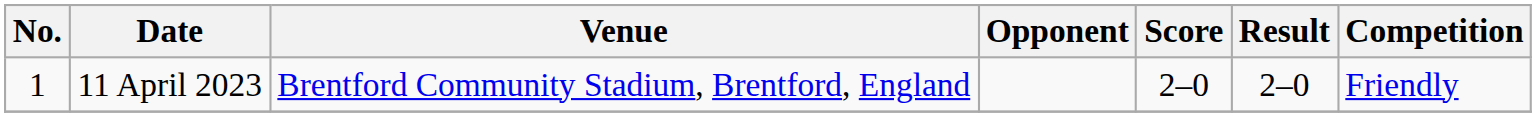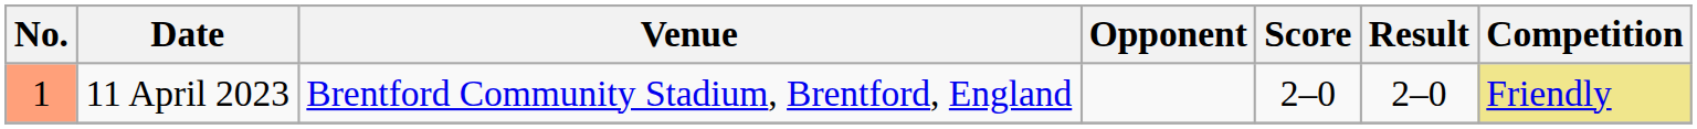 <table class="wikitable">
 <tr>
 <th scope="col">No.</th>
 <th scope="col">Date</th>
 <th scope="col">Venue</th>
 <th scope="col">Opponent</th>
 <th scope="col">Score</th>
 <th scope="col">Result</th>
 <th scope="col">Competition</th>
 </tr>
 <tr>
-<td align=center>1</td>
+<td align=center style="background: lightsalmon;">1</td>
 <td>11 April 2023</td>
 <td><a href='#'>Brentford Community Stadium</a>, <a href='#'>Brentford</a>, <a href='#'>England</a></td>
 <td></td>
 <td align=center>2–0</td>
 <td align=center>2–0</td>
-<td><a href='#'>Friendly</a></td>
+<td style="background: khaki;"><a href='#'>Friendly</a></td>
 </tr>
 <tr>
 </tr>
 </table>
